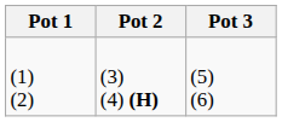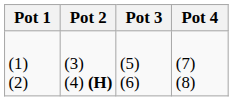 <table class="wikitable">
 <tr>
 <th width=25%>Pot 1</th>
 <th width=25%>Pot 2</th>
 <th width=25%>Pot 3</th>
+<th width=25%>Pot 4</th>
 </tr>
 <tr>
 <td><br> (1) <br>  (2)</td>
 <td><br> (3) <br>  (4) <strong>(H)</strong></td>
 <td><br> (5) <br>  (6)</td>
+<td><br> (7) <br>  (8)</td>
 </tr>
 </table>
